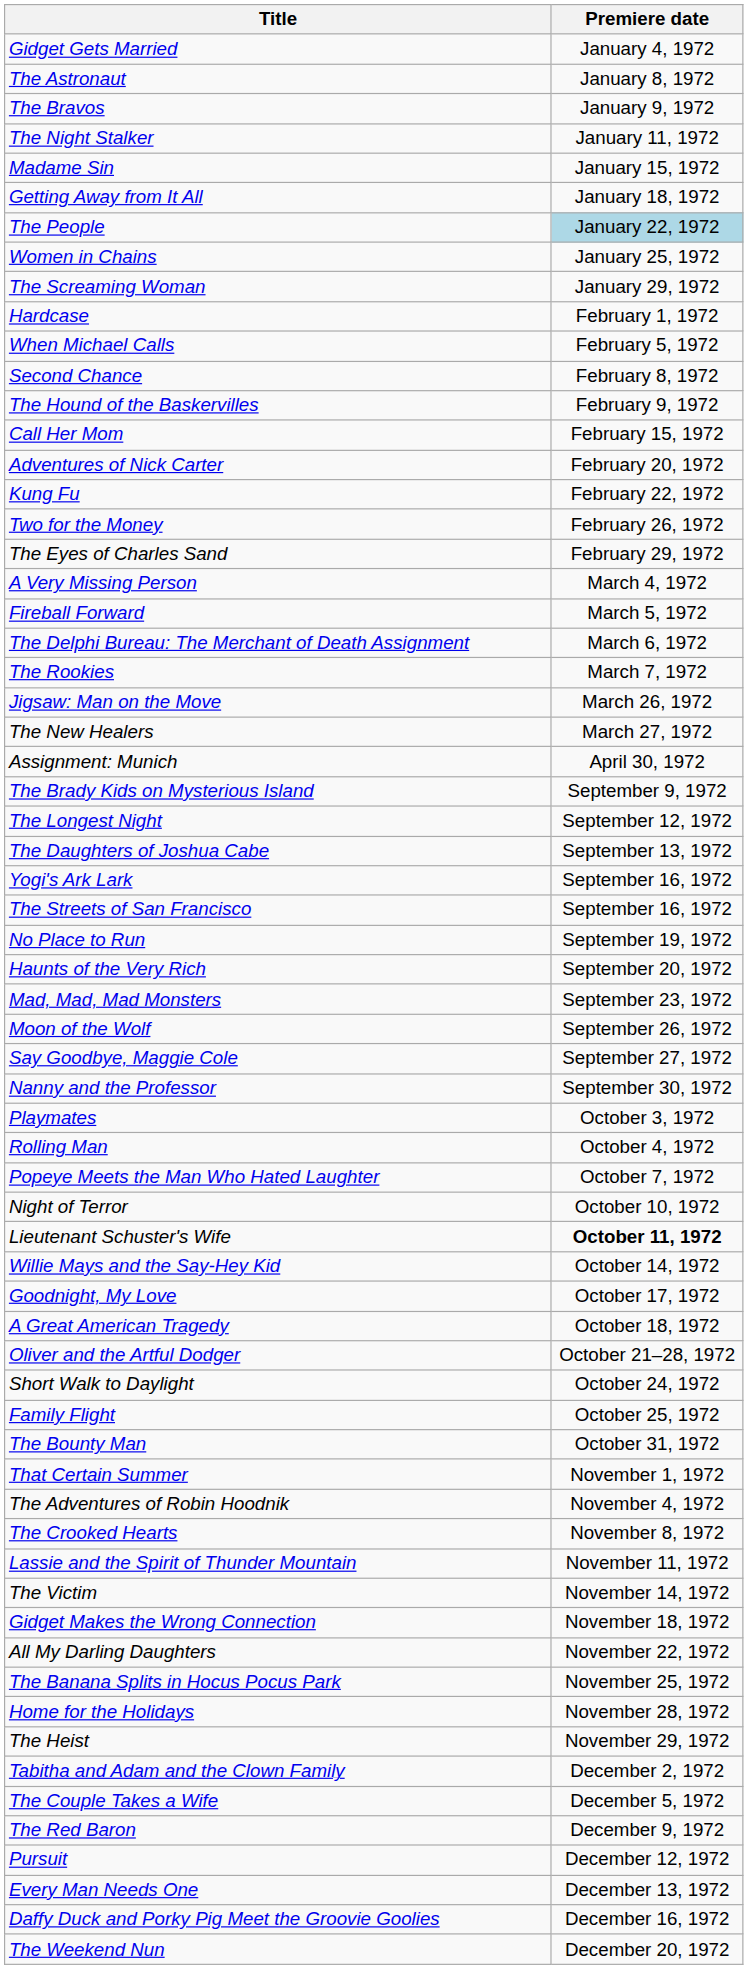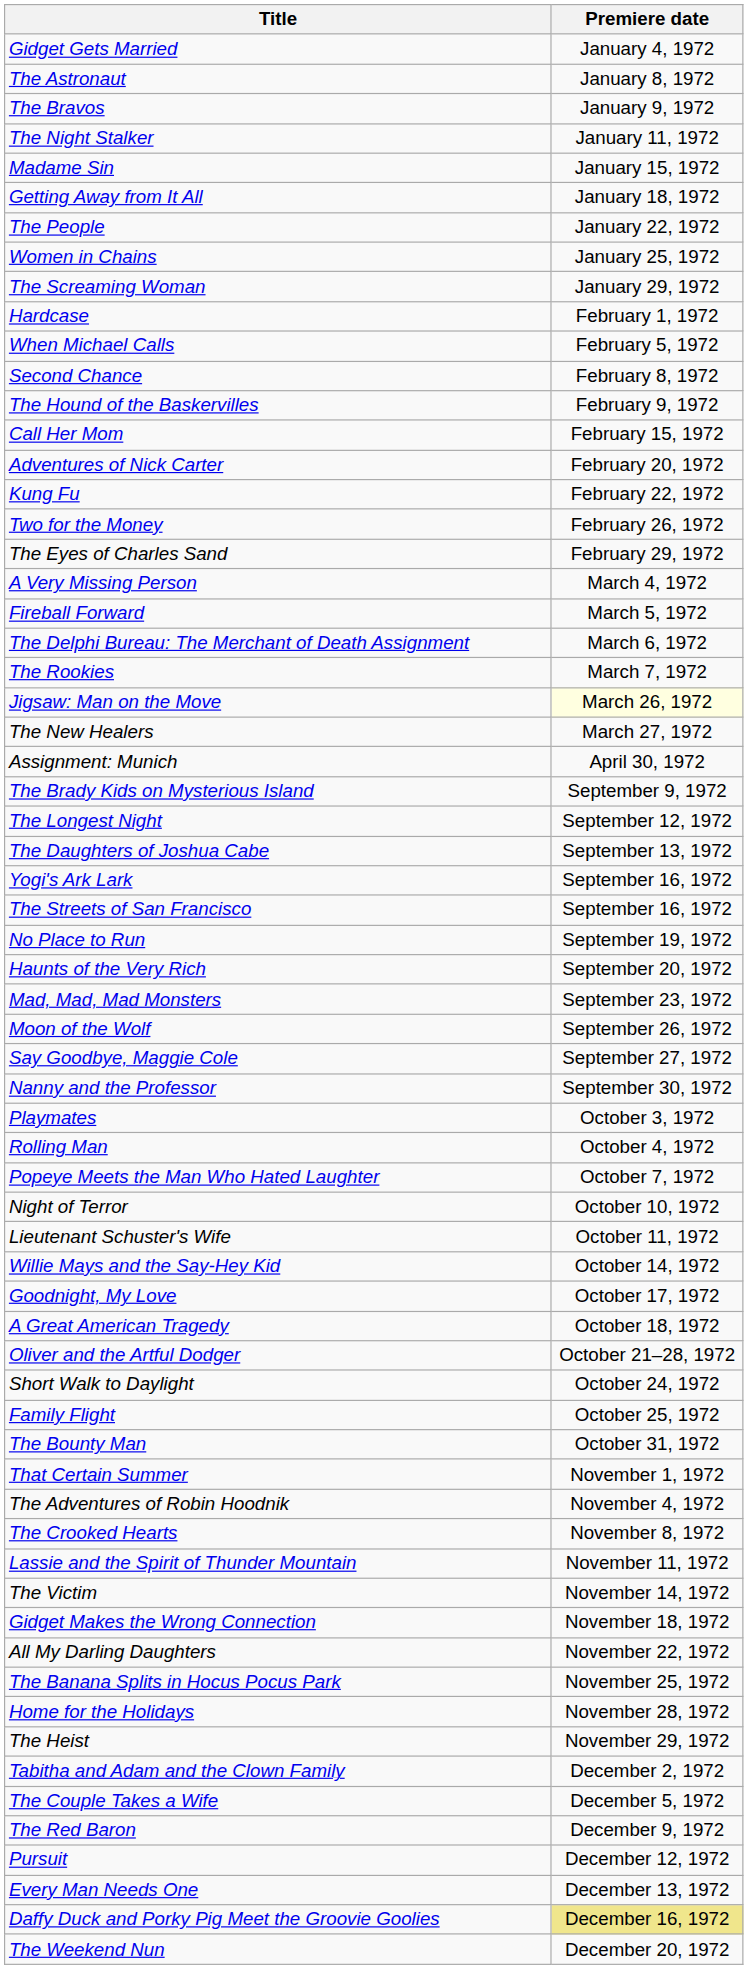 <table class="wikitable plainrowheaders sortable" style="width:50%;text-align:center;">
 <tr>
 <th scope="col" style="width:40%;">Title</th>
 <th scope="col" style="width:14%;">Premiere date</th>
 </tr>
 <tr>
 <td scope="row" style="text-align:left;"><em><a href='#'>Gidget Gets Married</a></em></td>
 <td>January 4, 1972</td>
 </tr>
 <tr>
 <td scope="row" style="text-align:left;"><em><a href='#'>The Astronaut</a></em></td>
 <td>January 8, 1972</td>
 </tr>
 <tr>
 <td scope="row" style="text-align:left;"><em><a href='#'>The Bravos</a></em></td>
 <td>January 9, 1972</td>
 </tr>
 <tr>
 <td scope="row" style="text-align:left;"><em><a href='#'>The Night Stalker</a></em></td>
 <td>January 11, 1972</td>
 </tr>
 <tr>
 <td scope="row" style="text-align:left;"><em><a href='#'>Madame Sin</a></em></td>
 <td>January 15, 1972</td>
 </tr>
 <tr>
 <td scope="row" style="text-align:left;"><em><a href='#'>Getting Away from It All</a></em></td>
 <td>January 18, 1972</td>
 </tr>
 <tr>
 <td scope="row" style="text-align:left;"><em><a href='#'>The People</a></em></td>
-<td style="background: lightblue;">January 22, 1972</td>
+<td>January 22, 1972</td>
 </tr>
 <tr>
 <td scope="row" style="text-align:left;"><em><a href='#'>Women in Chains</a></em></td>
 <td>January 25, 1972</td>
 </tr>
 <tr>
 <td scope="row" style="text-align:left;"><em><a href='#'>The Screaming Woman</a></em></td>
 <td>January 29, 1972</td>
 </tr>
 <tr>
 <td scope="row" style="text-align:left;"><em><a href='#'>Hardcase</a></em></td>
 <td>February 1, 1972</td>
 </tr>
 <tr>
 <td scope="row" style="text-align:left;"><em><a href='#'>When Michael Calls</a></em></td>
 <td>February 5, 1972</td>
 </tr>
 <tr>
 <td scope="row" style="text-align:left;"><em><a href='#'>Second Chance</a></em></td>
 <td>February 8, 1972</td>
 </tr>
 <tr>
 <td scope="row" style="text-align:left;"><em><a href='#'>The Hound of the Baskervilles</a></em></td>
 <td>February 9, 1972</td>
 </tr>
 <tr>
 <td scope="row" style="text-align:left;"><em><a href='#'>Call Her Mom</a></em></td>
 <td>February 15, 1972</td>
 </tr>
 <tr>
 <td scope="row" style="text-align:left;"><em><a href='#'>Adventures of Nick Carter</a></em></td>
 <td>February 20, 1972</td>
 </tr>
 <tr>
 <td scope="row" style="text-align:left;"><em><a href='#'>Kung Fu</a></em></td>
 <td>February 22, 1972</td>
 </tr>
 <tr>
 <td scope="row" style="text-align:left;"><em><a href='#'>Two for the Money</a></em></td>
 <td>February 26, 1972</td>
 </tr>
 <tr>
 <td scope="row" style="text-align:left;"><em>The Eyes of Charles Sand</em></td>
 <td>February 29, 1972</td>
 </tr>
 <tr>
 <td scope="row" style="text-align:left;"><em><a href='#'>A Very Missing Person</a></em></td>
 <td>March 4, 1972</td>
 </tr>
 <tr>
 <td scope="row" style="text-align:left;"><em><a href='#'>Fireball Forward</a></em></td>
 <td>March 5, 1972</td>
 </tr>
 <tr>
 <td scope="row" style="text-align:left;"><em><a href='#'>The Delphi Bureau: The Merchant of Death Assignment</a></em></td>
 <td>March 6, 1972</td>
 </tr>
 <tr>
 <td scope="row" style="text-align:left;"><em><a href='#'>The Rookies</a></em></td>
 <td>March 7, 1972</td>
 </tr>
 <tr>
 <td scope="row" style="text-align:left;"><em><a href='#'>Jigsaw: Man on the Move</a></em></td>
-<td>March 26, 1972</td>
+<td style="background: lightyellow;">March 26, 1972</td>
 </tr>
 <tr>
 <td scope="row" style="text-align:left;"><em>The New Healers</em></td>
 <td>March 27, 1972</td>
 </tr>
 <tr>
 <td scope="row" style="text-align:left;"><em>Assignment: Munich</em></td>
 <td>April 30, 1972</td>
 </tr>
 <tr>
 <td scope="row" style="text-align:left;"><em><a href='#'>The Brady Kids on Mysterious Island</a></em></td>
 <td>September 9, 1972</td>
 </tr>
 <tr>
 <td scope="row" style="text-align:left;"><em><a href='#'>The Longest Night</a></em></td>
 <td>September 12, 1972</td>
 </tr>
 <tr>
 <td scope="row" style="text-align:left;"><em><a href='#'>The Daughters of Joshua Cabe</a></em></td>
 <td>September 13, 1972</td>
 </tr>
 <tr>
 <td scope="row" style="text-align:left;"><em><a href='#'>Yogi's Ark Lark</a></em></td>
 <td>September 16, 1972</td>
 </tr>
 <tr>
 <td scope="row" style="text-align:left;"><em><a href='#'>The Streets of San Francisco</a></em></td>
 <td>September 16, 1972</td>
 </tr>
 <tr>
 <td scope="row" style="text-align:left;"><em><a href='#'>No Place to Run</a></em></td>
 <td>September 19, 1972</td>
 </tr>
 <tr>
 <td scope="row" style="text-align:left;"><em><a href='#'>Haunts of the Very Rich</a></em></td>
 <td>September 20, 1972</td>
 </tr>
 <tr>
 <td scope="row" style="text-align:left;"><em><a href='#'>Mad, Mad, Mad Monsters</a></em></td>
 <td>September 23, 1972</td>
 </tr>
 <tr>
 <td scope="row" style="text-align:left;"><em><a href='#'>Moon of the Wolf</a></em></td>
 <td>September 26, 1972</td>
 </tr>
 <tr>
 <td scope="row" style="text-align:left;"><em><a href='#'>Say Goodbye, Maggie Cole</a></em></td>
 <td>September 27, 1972</td>
 </tr>
 <tr>
 <td scope="row" style="text-align:left;"><em><a href='#'>Nanny and the Professor</a></em></td>
 <td>September 30, 1972</td>
 </tr>
 <tr>
 <td scope="row" style="text-align:left;"><em><a href='#'>Playmates</a></em></td>
 <td>October 3, 1972</td>
 </tr>
 <tr>
 <td scope="row" style="text-align:left;"><em><a href='#'>Rolling Man</a></em></td>
 <td>October 4, 1972</td>
 </tr>
 <tr>
 <td scope="row" style="text-align:left;"><em><a href='#'>Popeye Meets the Man Who Hated Laughter</a></em></td>
 <td>October 7, 1972</td>
 </tr>
 <tr>
 <td scope="row" style="text-align:left;"><em>Night of Terror</em></td>
 <td>October 10, 1972</td>
 </tr>
 <tr>
 <td scope="row" style="text-align:left;"><em>Lieutenant Schuster's Wife</em></td>
-<td><strong>October 11, 1972</strong></td>
+<td>October 11, 1972</td>
 </tr>
 <tr>
 <td scope="row" style="text-align:left;"><em><a href='#'>Willie Mays and the Say-Hey Kid</a></em></td>
 <td>October 14, 1972</td>
 </tr>
 <tr>
 <td scope="row" style="text-align:left;"><em><a href='#'>Goodnight, My Love</a></em></td>
 <td>October 17, 1972</td>
 </tr>
 <tr>
 <td scope="row" style="text-align:left;"><em><a href='#'>A Great American Tragedy</a></em></td>
 <td>October 18, 1972</td>
 </tr>
 <tr>
 <td scope="row" style="text-align:left;"><em><a href='#'>Oliver and the Artful Dodger</a></em></td>
 <td>October 21–28, 1972</td>
 </tr>
 <tr>
 <td scope="row" style="text-align:left;"><em>Short Walk to Daylight</em></td>
 <td>October 24, 1972</td>
 </tr>
 <tr>
 <td scope="row" style="text-align:left;"><em><a href='#'>Family Flight</a></em></td>
 <td>October 25, 1972</td>
 </tr>
 <tr>
 <td scope="row" style="text-align:left;"><em><a href='#'>The Bounty Man</a></em></td>
 <td>October 31, 1972</td>
 </tr>
 <tr>
 <td scope="row" style="text-align:left;"><em><a href='#'>That Certain Summer</a></em></td>
 <td>November 1, 1972</td>
 </tr>
 <tr>
 <td scope="row" style="text-align:left;"><em>The Adventures of Robin Hoodnik</em></td>
 <td>November 4, 1972</td>
 </tr>
 <tr>
 <td scope="row" style="text-align:left;"><em><a href='#'>The Crooked Hearts</a></em></td>
 <td>November 8, 1972</td>
 </tr>
 <tr>
 <td scope="row" style="text-align:left;"><em><a href='#'>Lassie and the Spirit of Thunder Mountain</a></em></td>
 <td>November 11, 1972</td>
 </tr>
 <tr>
 <td scope="row" style="text-align:left;"><em>The Victim</em></td>
 <td>November 14, 1972</td>
 </tr>
 <tr>
 <td scope="row" style="text-align:left;"><em><a href='#'>Gidget Makes the Wrong Connection</a></em></td>
 <td>November 18, 1972</td>
 </tr>
 <tr>
 <td scope="row" style="text-align:left;"><em>All My Darling Daughters</em></td>
 <td>November 22, 1972</td>
 </tr>
 <tr>
 <td scope="row" style="text-align:left;"><em><a href='#'>The Banana Splits in Hocus Pocus Park</a></em></td>
 <td>November 25, 1972</td>
 </tr>
 <tr>
 <td scope="row" style="text-align:left;"><em><a href='#'>Home for the Holidays</a></em></td>
 <td>November 28, 1972</td>
 </tr>
 <tr>
 <td scope="row" style="text-align:left;"><em>The Heist</em></td>
 <td>November 29, 1972</td>
 </tr>
 <tr>
 <td scope="row" style="text-align:left;"><em><a href='#'>Tabitha and Adam and the Clown Family</a></em></td>
 <td>December 2, 1972</td>
 </tr>
 <tr>
 <td scope="row" style="text-align:left;"><em><a href='#'>The Couple Takes a Wife</a></em></td>
 <td>December 5, 1972</td>
 </tr>
 <tr>
 <td scope="row" style="text-align:left;"><em><a href='#'>The Red Baron</a></em></td>
 <td>December 9, 1972</td>
 </tr>
 <tr>
 <td scope="row" style="text-align:left;"><em><a href='#'>Pursuit</a></em></td>
 <td>December 12, 1972</td>
 </tr>
 <tr>
 <td scope="row" style="text-align:left;"><em><a href='#'>Every Man Needs One</a></em></td>
 <td>December 13, 1972</td>
 </tr>
 <tr>
 <td scope="row" style="text-align:left;"><em><a href='#'>Daffy Duck and Porky Pig Meet the Groovie Goolies</a></em></td>
-<td>December 16, 1972</td>
+<td style="background: khaki;">December 16, 1972</td>
 </tr>
 <tr>
 <td scope="row" style="text-align:left;"><em><a href='#'>The Weekend Nun</a></em></td>
 <td>December 20, 1972</td>
 </tr>
 </table>
